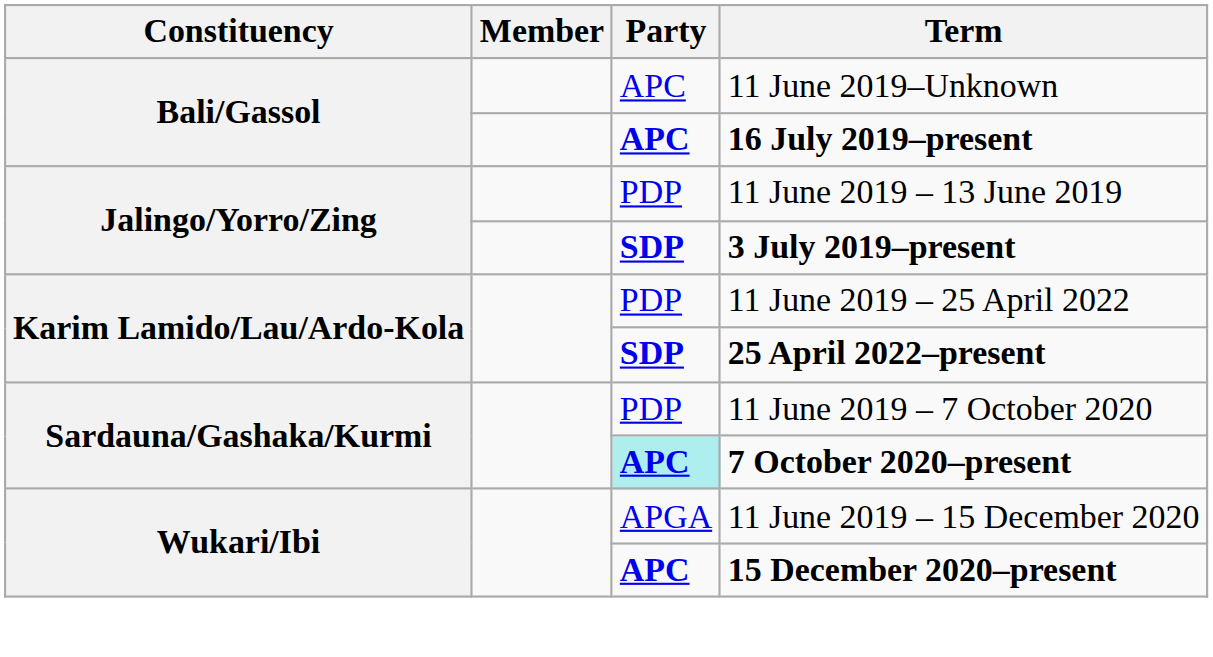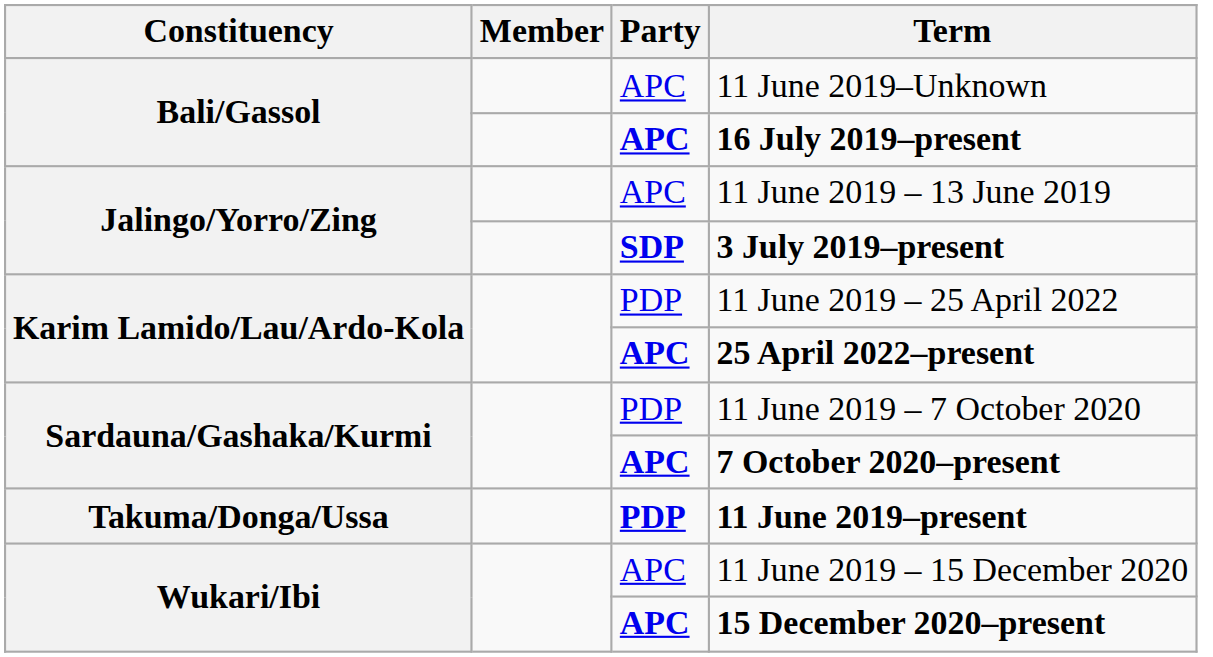 <table class="wikitable">
 <tr valign=bottom>
 <th>Constituency</th>
 <th>Member</th>
 <th>Party</th>
 <th>Term</th>
 </tr>
 <tr>
 <th rowspan=2>Bali/Gassol</th>
 <td style="opacity:.4;"></td>
 <td><a href='#'>APC</a></td>
 <td>11 June 2019–Unknown</td>
 </tr>
 <tr>
 <td><strong></strong></td>
 <td><strong><a href='#'>APC</a></strong></td>
 <td><strong>16 July 2019–present</strong></td>
 </tr>
 <tr>
 <th rowspan=2>Jalingo/Yorro/Zing</th>
 <td style="opacity:.4;"></td>
-<td><a href='#'>PDP</a></td>
+<td><a href='#'>APC</a></td>
 <td>11 June 2019 – 13 June 2019</td>
 </tr>
 <tr>
 <td><strong></strong></td>
 <td><strong><a href='#'>SDP</a></strong></td>
 <td><strong>3 July 2019–present</strong></td>
 </tr>
 <tr>
 <th rowspan=2>Karim Lamido/Lau/Ardo-Kola</th>
 <td rowspan=2><strong></strong></td>
 <td><a href='#'>PDP</a></td>
 <td>11 June 2019 – 25 April 2022</td>
 </tr>
 <tr>
-<td><strong><a href='#'>SDP</a></strong></td>
+<td><strong><a href='#'>APC</a></strong></td>
 <td><strong>25 April 2022–present</strong></td>
 </tr>
 <tr>
 <th rowspan=2>Sardauna/Gashaka/Kurmi</th>
 <td rowspan=2><strong></strong></td>
 <td><a href='#'>PDP</a></td>
 <td>11 June 2019 – 7 October 2020</td>
 </tr>
 <tr>
-<td style="background: paleturquoise;"><strong><a href='#'>APC</a></strong></td>
+<td><strong><a href='#'>APC</a></strong></td>
 <td><strong>7 October 2020–present</strong></td>
+</tr>
+<tr>
+<th>Takuma/Donga/Ussa</th>
+<td><strong></strong></td>
+<td><strong><a href='#'>PDP</a></strong></td>
+<td><strong>11 June 2019–present</strong></td>
 </tr>
 <tr>
 <th rowspan=2>Wukari/Ibi</th>
 <td rowspan=2><strong></strong></td>
-<td><a href='#'>APGA</a></td>
+<td><a href='#'>APC</a></td>
 <td>11 June 2019 – 15 December 2020</td>
 </tr>
 <tr>
 <td><strong><a href='#'>APC</a></strong></td>
 <td><strong>15 December 2020–present</strong></td>
 </tr>
 </table>
